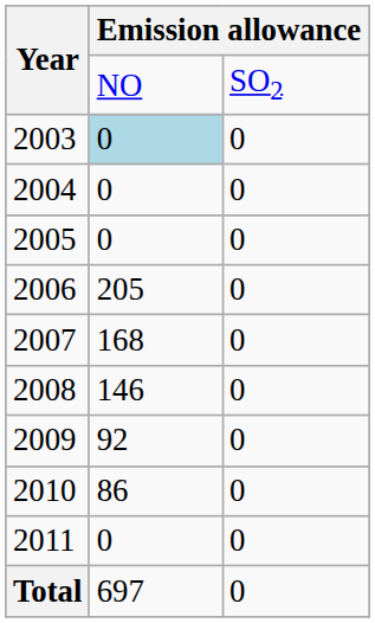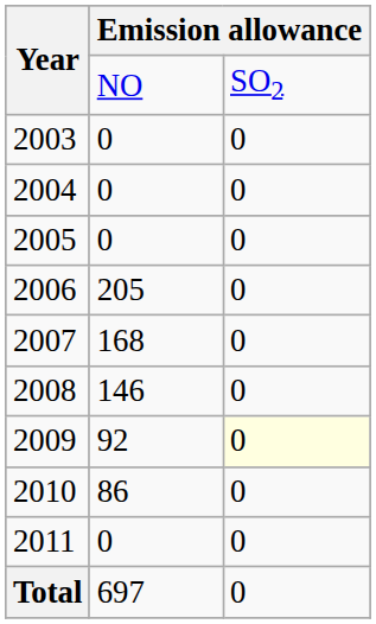 <table class="wikitable">
 <tr>
 <th rowspan="2">Year</th>
 <th colspan="2">Emission allowance</th>
 </tr>
 <tr>
 <td><a href='#'>NO</a></td>
 <td><a href='#'>SO<sub>2</sub></a></td>
 </tr>
 <tr>
 <td>2003</td>
-<td style="background: lightblue;">0</td>
+<td>0</td>
 <td>0</td>
 </tr>
 <tr>
 <td>2004</td>
 <td>0</td>
 <td>0</td>
 </tr>
 <tr>
 <td>2005</td>
 <td>0</td>
 <td>0</td>
 </tr>
 <tr>
 <td>2006</td>
 <td>205</td>
 <td>0</td>
 </tr>
 <tr>
 <td>2007</td>
 <td>168</td>
 <td>0</td>
 </tr>
 <tr>
 <td>2008</td>
 <td>146</td>
 <td>0</td>
 </tr>
 <tr>
 <td>2009</td>
 <td>92</td>
-<td>0</td>
+<td style="background: lightyellow;">0</td>
 </tr>
 <tr>
 <td>2010</td>
 <td>86</td>
 <td>0</td>
 </tr>
 <tr>
 <td>2011</td>
 <td>0</td>
 <td>0</td>
 </tr>
 <tr>
 <th>Total</th>
 <td>697</td>
 <td>0</td>
 </tr>
 </table>
